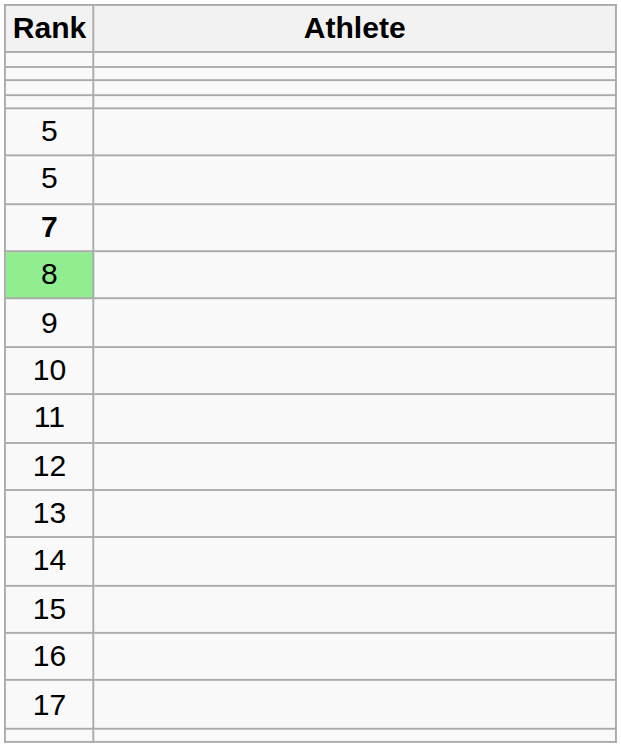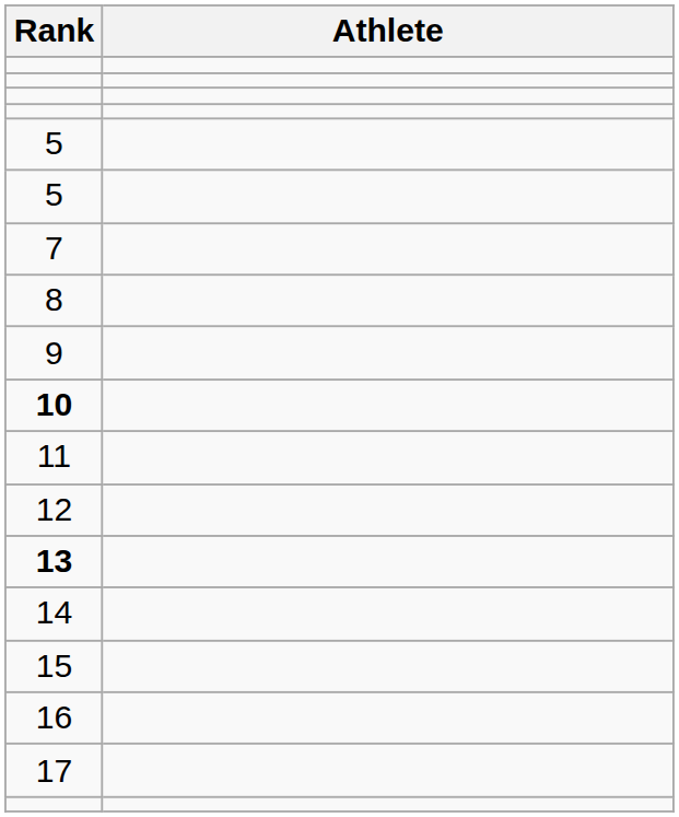 <table class="wikitable" style="text-align: center;">
 <tr>
 <th width=40>Rank</th>
 <th width=270>Athlete</th>
 </tr>
 <tr>
 <td></td>
 <td align="left"></td>
 </tr>
 <tr>
 <td></td>
 <td align="left"></td>
 </tr>
 <tr>
 <td></td>
 <td align="left"></td>
 </tr>
 <tr>
 <td></td>
 <td align="left"></td>
 </tr>
 <tr>
 <td>5</td>
 <td align="left"></td>
 </tr>
 <tr>
 <td>5</td>
 <td align="left"></td>
 </tr>
 <tr>
-<td><strong>7</strong></td>
+<td>7</td>
 <td align="left"></td>
 </tr>
 <tr>
-<td style="background: lightgreen;">8</td>
+<td>8</td>
 <td align="left"></td>
 </tr>
 <tr>
 <td>9</td>
 <td align="left"></td>
 </tr>
 <tr>
-<td>10</td>
+<td><strong>10</strong></td>
 <td align="left"></td>
 </tr>
 <tr>
 <td>11</td>
 <td align="left"></td>
 </tr>
 <tr>
 <td>12</td>
 <td align="left"></td>
 </tr>
 <tr>
-<td>13</td>
+<td><strong>13</strong></td>
 <td align="left"></td>
 </tr>
 <tr>
 <td>14</td>
 <td align="left"></td>
 </tr>
 <tr>
 <td>15</td>
 <td align="left"></td>
 </tr>
 <tr>
 <td>16</td>
 <td align="left"></td>
 </tr>
 <tr>
 <td>17</td>
 <td align="left"></td>
 </tr>
 <tr>
 <td></td>
 <td align="left"></td>
 </tr>
 </table>
